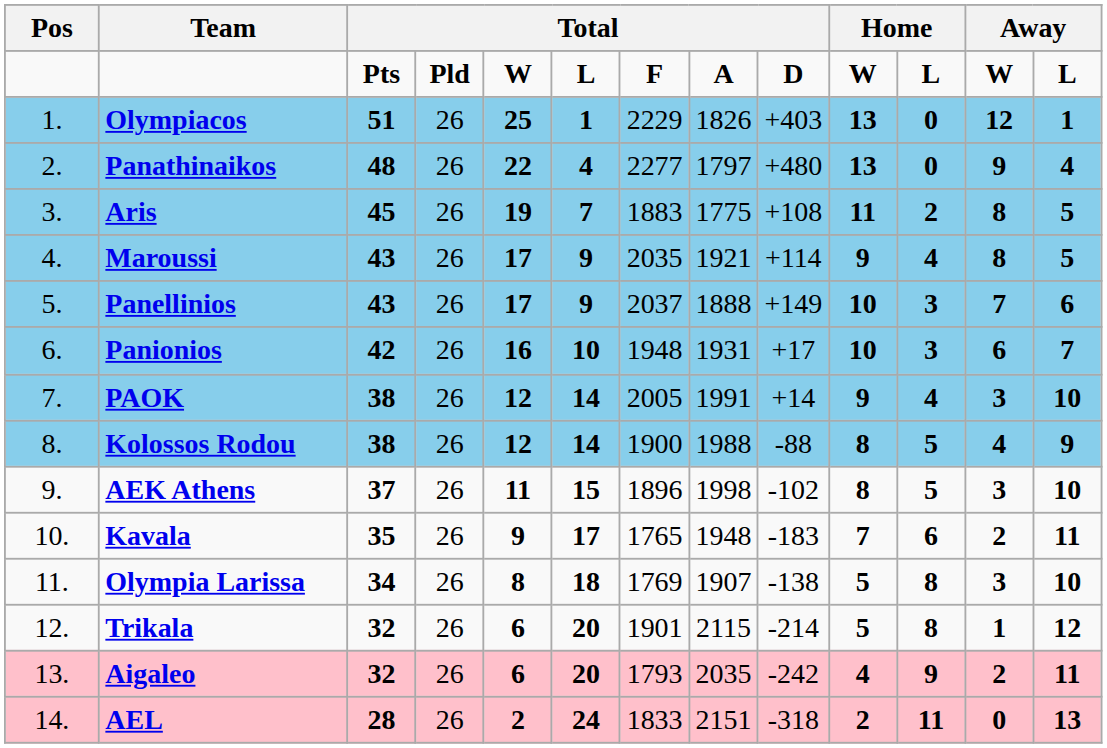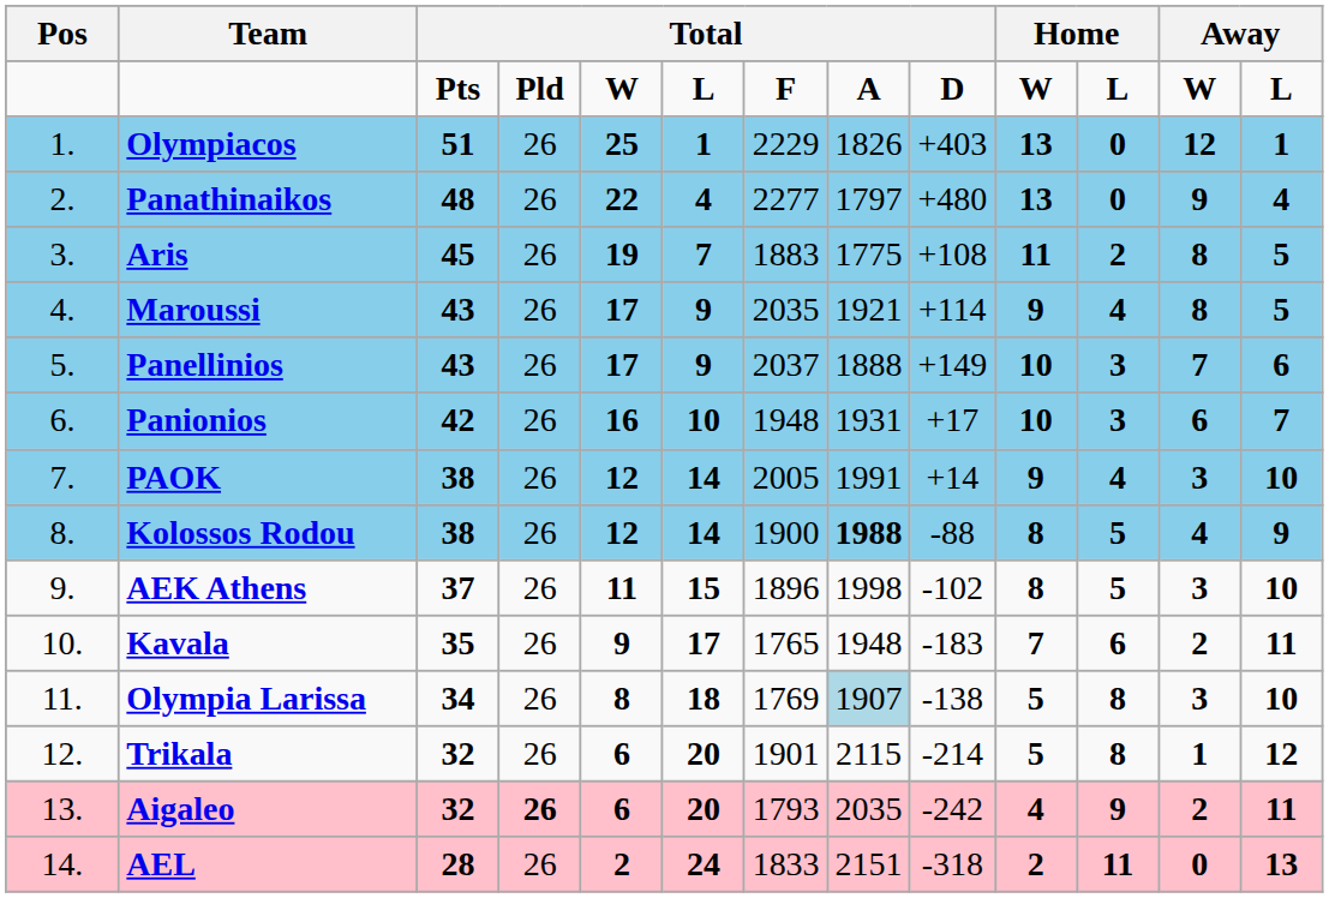 <table class="wikitable" style="text-align: center; font-size:95%">
 <tr>
 <th width="44">Pos</th>
 <th width="128">Team</th>
 <th colspan=7>Total</th>
 <th colspan=2>Home</th>
 <th colspan=2>Away</th>
 </tr>
 <tr>
 <td></td>
 <td></td>
 <td width="30"><strong>Pts</strong></td>
 <td width="30"><strong>Pld</strong></td>
 <td width="30"><strong>W</strong></td>
 <td width="30"><strong>L</strong></td>
 <td width="30"><strong>F</strong></td>
 <td width="30"><strong>A</strong></td>
 <td width="30"><strong>D</strong></td>
 <td width="30"><strong>W</strong></td>
 <td width="30"><strong>L</strong></td>
 <td width="30"><strong>W</strong></td>
 <td width="30"><strong>L</strong></td>
 </tr>
 <tr bgcolor="87ceeb">
 <td>1.</td>
 <td align="left"><strong><a href='#'>Olympiacos</a></strong></td>
 <td><strong>51</strong></td>
 <td>26</td>
 <td><strong>25</strong></td>
 <td><strong>1</strong></td>
 <td>2229</td>
 <td>1826</td>
 <td>+403</td>
 <td><strong>13</strong></td>
 <td><strong>0</strong></td>
 <td><strong>12</strong></td>
 <td><strong>1</strong></td>
 </tr>
 <tr bgcolor="87ceeb">
 <td>2.</td>
 <td align="left"><strong><a href='#'>Panathinaikos</a></strong></td>
 <td><strong>48</strong></td>
 <td>26</td>
 <td><strong>22</strong></td>
 <td><strong>4</strong></td>
 <td>2277</td>
 <td>1797</td>
 <td>+480</td>
 <td><strong>13</strong></td>
 <td><strong>0</strong></td>
 <td><strong>9</strong></td>
 <td><strong>4</strong></td>
 </tr>
 <tr bgcolor="87ceeb">
 <td>3.</td>
 <td align="left"><strong><a href='#'>Aris</a></strong></td>
 <td><strong>45</strong></td>
 <td>26</td>
 <td><strong>19</strong></td>
 <td><strong>7</strong></td>
 <td>1883</td>
 <td>1775</td>
 <td>+108</td>
 <td><strong>11</strong></td>
 <td><strong>2</strong></td>
 <td><strong>8</strong></td>
 <td><strong>5</strong></td>
 </tr>
 <tr bgcolor="87ceeb">
 <td>4.</td>
 <td align="left"><strong><a href='#'>Maroussi</a></strong></td>
 <td><strong>43</strong></td>
 <td>26</td>
 <td><strong>17</strong></td>
 <td><strong>9</strong></td>
 <td>2035</td>
 <td>1921</td>
 <td>+114</td>
 <td><strong>9</strong></td>
 <td><strong>4</strong></td>
 <td><strong>8</strong></td>
 <td><strong>5</strong></td>
 </tr>
 <tr bgcolor="87ceeb">
 <td>5.</td>
 <td align="left"><strong><a href='#'>Panellinios</a></strong></td>
 <td><strong>43</strong></td>
 <td>26</td>
 <td><strong>17</strong></td>
 <td><strong>9</strong></td>
 <td>2037</td>
 <td>1888</td>
 <td>+149</td>
 <td><strong>10</strong></td>
 <td><strong>3</strong></td>
 <td><strong>7</strong></td>
 <td><strong>6</strong></td>
 </tr>
 <tr bgcolor="87ceeb">
 <td>6.</td>
 <td align="left"><strong><a href='#'>Panionios</a></strong></td>
 <td><strong>42</strong></td>
 <td>26</td>
 <td><strong>16</strong></td>
 <td><strong>10</strong></td>
 <td>1948</td>
 <td>1931</td>
 <td>+17</td>
 <td><strong>10</strong></td>
 <td><strong>3</strong></td>
 <td><strong>6</strong></td>
 <td><strong>7</strong></td>
 </tr>
 <tr bgcolor="87ceeb">
 <td>7.</td>
 <td align="left"><strong><a href='#'>PAOK</a></strong></td>
 <td><strong>38</strong></td>
 <td>26</td>
 <td><strong>12</strong></td>
 <td><strong>14</strong></td>
 <td>2005</td>
 <td>1991</td>
 <td>+14</td>
 <td><strong>9</strong></td>
 <td><strong>4</strong></td>
 <td><strong>3</strong></td>
 <td><strong>10</strong></td>
 </tr>
 <tr bgcolor="87ceeb">
 <td>8.</td>
 <td align="left"><strong><a href='#'>Kolossos Rodou</a></strong></td>
 <td><strong>38</strong></td>
 <td>26</td>
 <td><strong>12</strong></td>
 <td><strong>14</strong></td>
 <td>1900</td>
-<td>1988</td>
+<td><strong>1988</strong></td>
 <td>-88</td>
 <td><strong>8</strong></td>
 <td><strong>5</strong></td>
 <td><strong>4</strong></td>
 <td><strong>9</strong></td>
 </tr>
 <tr>
 <td>9.</td>
 <td align="left"><strong><a href='#'>AEK Athens</a></strong></td>
 <td><strong>37</strong></td>
 <td>26</td>
 <td><strong>11</strong></td>
 <td><strong>15</strong></td>
 <td>1896</td>
 <td>1998</td>
 <td>-102</td>
 <td><strong>8</strong></td>
 <td><strong>5</strong></td>
 <td><strong>3</strong></td>
 <td><strong>10</strong></td>
 </tr>
 <tr>
 <td>10.</td>
 <td align="left"><strong><a href='#'>Kavala</a></strong></td>
 <td><strong>35</strong></td>
 <td>26</td>
 <td><strong>9</strong></td>
 <td><strong>17</strong></td>
 <td>1765</td>
 <td>1948</td>
 <td>-183</td>
 <td><strong>7</strong></td>
 <td><strong>6</strong></td>
 <td><strong>2</strong></td>
 <td><strong>11</strong></td>
 </tr>
 <tr>
 <td>11.</td>
 <td align="left"><strong><a href='#'>Olympia Larissa</a></strong></td>
 <td><strong>34</strong></td>
 <td>26</td>
 <td><strong>8</strong></td>
 <td><strong>18</strong></td>
 <td>1769</td>
-<td>1907</td>
+<td style="background: lightblue;">1907</td>
 <td>-138</td>
 <td><strong>5</strong></td>
 <td><strong>8</strong></td>
 <td><strong>3</strong></td>
 <td><strong>10</strong></td>
 </tr>
 <tr>
 <td>12.</td>
 <td align="left"><strong><a href='#'>Trikala</a></strong></td>
 <td><strong>32</strong></td>
 <td>26</td>
 <td><strong>6</strong></td>
 <td><strong>20</strong></td>
 <td>1901</td>
 <td>2115</td>
 <td>-214</td>
 <td><strong>5</strong></td>
 <td><strong>8</strong></td>
 <td><strong>1</strong></td>
 <td><strong>12</strong></td>
 </tr>
 <tr bgcolor="ffc0cb">
 <td>13.</td>
 <td align="left"><strong><a href='#'>Aigaleo</a></strong></td>
 <td><strong>32</strong></td>
-<td>26</td>
+<td><strong>26</strong></td>
 <td><strong>6</strong></td>
 <td><strong>20</strong></td>
 <td>1793</td>
 <td>2035</td>
 <td>-242</td>
 <td><strong>4</strong></td>
 <td><strong>9</strong></td>
 <td><strong>2</strong></td>
 <td><strong>11</strong></td>
 </tr>
 <tr bgcolor="ffc0cb">
 <td>14.</td>
 <td align="left"><strong><a href='#'>AEL</a></strong></td>
 <td><strong>28</strong></td>
 <td>26</td>
 <td><strong>2</strong></td>
 <td><strong>24</strong></td>
 <td>1833</td>
 <td>2151</td>
 <td>-318</td>
 <td><strong>2</strong></td>
 <td><strong>11</strong></td>
 <td><strong>0</strong></td>
 <td><strong>13</strong></td>
 </tr>
 </table>
